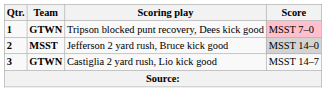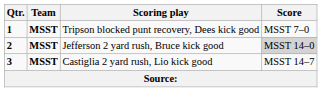 <table class="wikitable">
 <tr>
 <th>Qtr.</th>
 <th>Team</th>
 <th>Scoring play</th>
 <th>Score</th>
 </tr>
 <tr>
 <td><strong>1</strong></td>
-<td><strong>GTWN</strong></td>
+<td><strong>MSST</strong></td>
 <td>Tripson blocked punt recovery, Dees kick good</td>
-<td style="background: pink;">MSST 7–0</td>
+<td>MSST 7–0</td>
 </tr>
 <tr>
 <td><strong>2</strong></td>
 <td><strong>MSST</strong></td>
 <td>Jefferson 2 yard rush, Bruce kick good</td>
 <td style="background: lightgrey;">MSST 14–0</td>
 </tr>
 <tr>
 <td><strong>3</strong></td>
-<td><strong>GTWN</strong></td>
+<td><strong>MSST</strong></td>
 <td>Castiglia 2 yard rush, Lio kick good</td>
 <td>MSST 14–7</td>
 </tr>
 <tr>
 <th colspan=4>Source:</th>
 </tr>
 </table>
